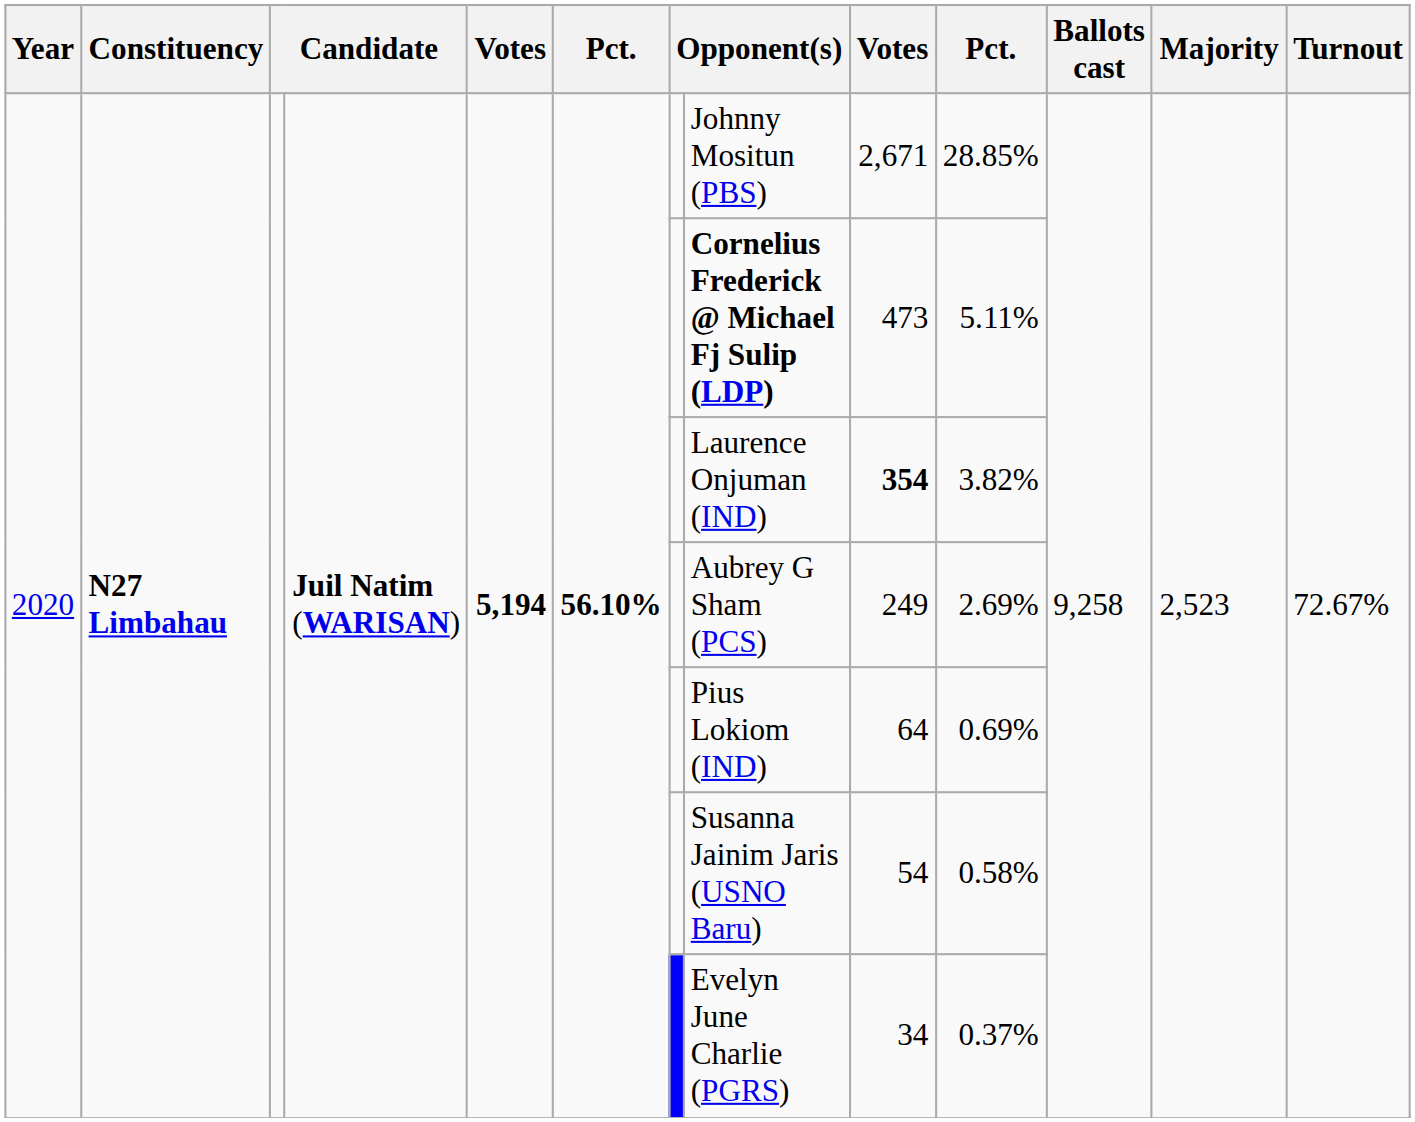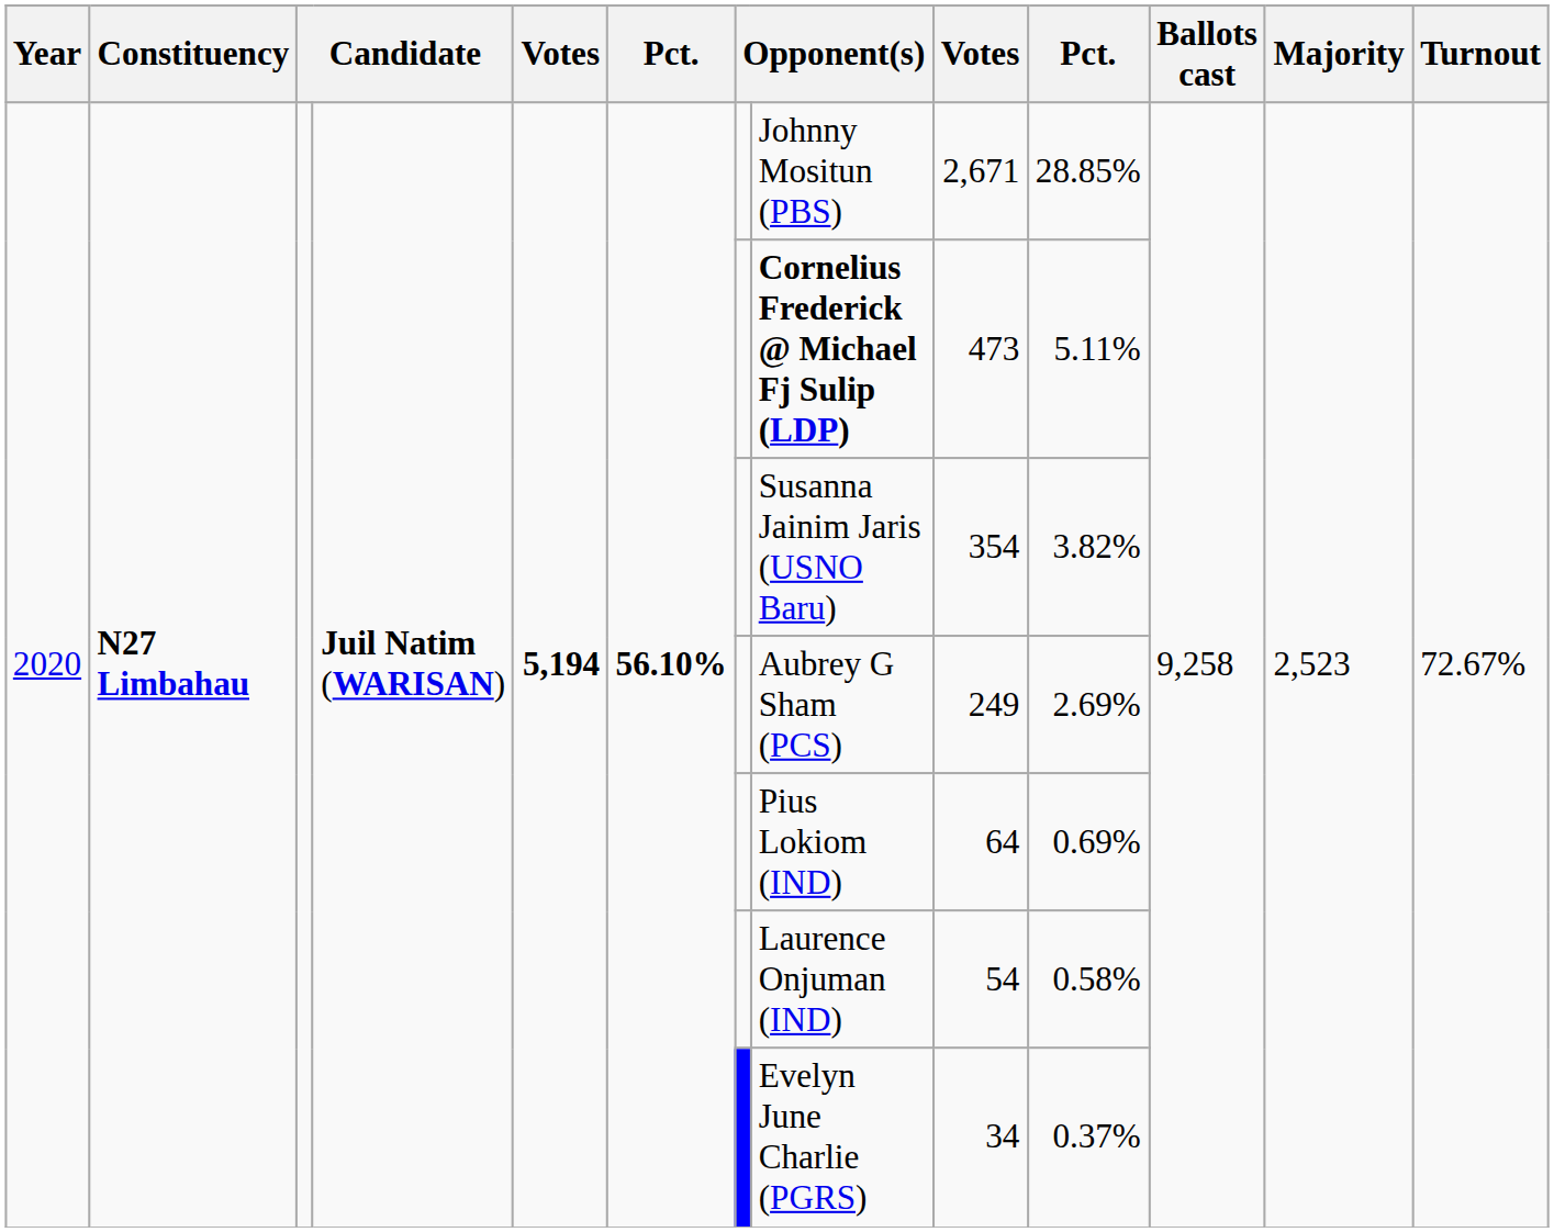 <table class="wikitable" style="margin:0.5em ; font-size:95%">
 <tr>
 <th>Year</th>
 <th>Constituency</th>
 <th colspan="2">Candidate</th>
 <th>Votes</th>
 <th>Pct.</th>
 <th colspan="2">Opponent(s)</th>
 <th>Votes</th>
 <th>Pct.</th>
 <th>Ballots cast</th>
 <th>Majority</th>
 <th>Turnout</th>
 </tr>
 <tr>
 <td rowspan="7"><a href='#'>2020</a></td>
 <td rowspan="7"><strong>N27 <a href='#'>Limbahau</a></strong></td>
 <td rowspan="7" ></td>
 <td rowspan="7"><strong>Juil Natim</strong> (<a href='#'><strong>WARISAN</strong></a>)</td>
 <td rowspan="7" align=right><strong>5,194</strong></td>
 <td rowspan="7"><strong>56.10%</strong></td>
 <td></td>
 <td>Johnny Mositun (<a href='#'>PBS</a>)</td>
 <td align=right>2,671</td>
 <td>28.85%</td>
 <td rowspan="7">9,258</td>
 <td rowspan="7">2,523</td>
 <td rowspan="7">72.67%</td>
 </tr>
 <tr>
 <td></td>
 <td><strong>Cornelius Frederick @ Michael Fj Sulip (<a href='#'>LDP</a>)</strong></td>
 <td align=right>473</td>
 <td align=right>5.11%</td>
 </tr>
 <tr>
 <td></td>
-<td>Laurence Onjuman (<a href='#'>IND</a>)</td>
-<td align=right><strong>354</strong></td>
+<td>Susanna Jainim Jaris (<a href='#'>USNO Baru</a>)</td>
+<td align=right>354</td>
 <td align=right>3.82%</td>
 </tr>
 <tr>
 <td></td>
 <td>Aubrey G Sham (<a href='#'>PCS</a>)</td>
 <td align=right>249</td>
 <td align=right>2.69%</td>
 </tr>
 <tr>
 <td></td>
 <td>Pius Lokiom (<a href='#'>IND</a>)</td>
 <td align=right>64</td>
 <td align=right>0.69%</td>
 </tr>
 <tr>
 <td></td>
-<td>Susanna Jainim Jaris (<a href='#'>USNO Baru</a>)</td>
+<td>Laurence Onjuman (<a href='#'>IND</a>)</td>
 <td align=right>54</td>
 <td align=right>0.58%</td>
 </tr>
 <tr>
 <td bgcolor="blue"></td>
 <td>Evelyn June Charlie (<a href='#'>PGRS</a>)</td>
 <td align=right>34</td>
 <td align=right>0.37%</td>
 </tr>
 </table>
